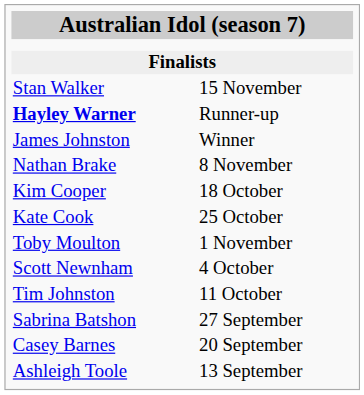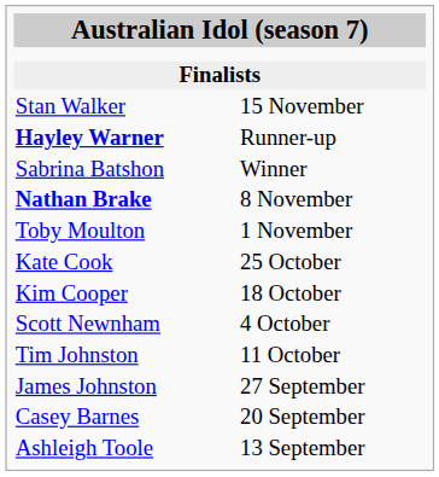 <table class=infobox style=width:19em>
 <tr>
 <td colspan=2 style="background:#cccccc; text-align:center"><big><strong>Australian Idol (season 7)</strong></big></td>
 </tr>
 <tr>
 <td colspan=2 align="center"></td>
 </tr>
 <tr>
 <td colspan=2 align="center"></td>
 </tr>
 <tr>
 <td colspan=2 style="background:#eeeeee; text-align:center"><strong>Finalists</strong><br></td>
 </tr>
 <tr>
 <td><a href='#'>Stan Walker</a></td>
 <td>15 November</td>
 </tr>
 <tr>
 <td><strong><a href='#'>Hayley Warner</a></strong></td>
 <td>Runner-up</td>
 </tr>
 <tr>
-<td><a href='#'>James Johnston</a></td>
+<td><a href='#'>Sabrina Batshon</a></td>
 <td>Winner</td>
 </tr>
 <tr>
-<td><a href='#'>Nathan Brake</a></td>
+<td><strong><a href='#'>Nathan Brake</a></strong></td>
 <td>8 November</td>
 </tr>
 <tr>
-<td><a href='#'>Kim Cooper</a></td>
-<td>18 October</td>
+<td><a href='#'>Toby Moulton</a></td>
+<td>1 November</td>
 </tr>
 <tr>
 <td><a href='#'>Kate Cook</a></td>
 <td>25 October</td>
 </tr>
 <tr>
-<td><a href='#'>Toby Moulton</a></td>
-<td>1 November</td>
+<td><a href='#'>Kim Cooper</a></td>
+<td>18 October</td>
 </tr>
 <tr>
 <td><a href='#'>Scott Newnham</a></td>
 <td>4 October</td>
 </tr>
 <tr>
 <td><a href='#'>Tim Johnston</a></td>
 <td>11 October</td>
 </tr>
 <tr>
-<td><a href='#'>Sabrina Batshon</a></td>
+<td><a href='#'>James Johnston</a></td>
 <td>27 September</td>
 </tr>
 <tr>
 <td><a href='#'>Casey Barnes</a></td>
 <td>20 September</td>
 </tr>
 <tr>
 <td><a href='#'>Ashleigh Toole</a></td>
 <td>13 September</td>
 </tr>
 </table>
